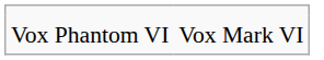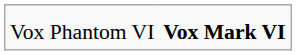 <table class="wikitable" style="float:left;padding:0;margin:0 1em 0 0;">
 <tr style="" align="center">
 <td style="border:0;padding:3px 12px 3px 11px;"></td>
 <td style="border:0;padding:3px;"></td>
 </tr>
 <tr style="font-size:90%;text-align:center;">
 <td style="border:0;padding-left:3px;">Vox Phantom VI</td>
-<td style="border:0;padding-left:3px;">Vox Mark VI</td>
+<td style="border:0;padding-left:3px;"><strong>Vox Mark VI</strong></td>
 </tr>
 </table>
